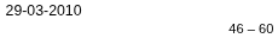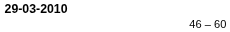 <table width=100% cellspacing=1>
 <tr>
 <th width=25%></th>
 <th width=10%></th>
 <th></th>
 </tr>
 <tr>
-<td>29-03-2010</td>
+<td><strong>29-03-2010</strong></td>
 </tr>
 <tr style=font-size:90%>
 <td align=right></td>
 <td align=center>46 – 60</td>
 <td></td>
 </tr>
 </table>
